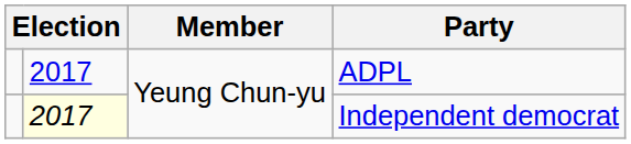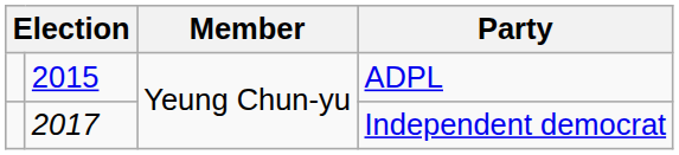 <table class="wikitable">
 <tr>
 <th colspan="2">Election</th>
 <th>Member</th>
 <th>Party</th>
 </tr>
 <tr>
 <td style="background-color:"></td>
-<td><a href='#'>2017</a></td>
+<td><a href='#'>2015</a></td>
 <td rowspan=2>Yeung Chun-yu</td>
 <td><a href='#'>ADPL</a></td>
 </tr>
 <tr>
 <td style="background-color:"></td>
-<td style="background: lightyellow;"><em>2017</em></td>
+<td><em>2017</em></td>
 <td><a href='#'>Independent democrat</a></td>
 </tr>
 </table>
